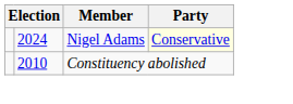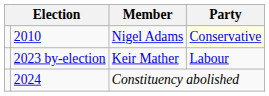 <table class="wikitable">
 <tr>
 <th colspan="2">Election</th>
 <th>Member</th>
 <th>Party</th>
 </tr>
 <tr>
 <td style="color:inherit;background-color: "></td>
-<td><a href='#'>2024</a></td>
+<td><a href='#'>2010</a></td>
 <td><a href='#'>Nigel Adams</a></td>
 <td style="background: lightyellow;"><a href='#'>Conservative</a></td>
 </tr>
 <tr>
+<td style="color:inherit;background-color: "></td>
+<td><a href='#'>2023 by-election</a></td>
+<td><a href='#'>Keir Mather</a></td>
+<td><a href='#'>Labour</a></td>
+</tr>
+<tr>
 <td></td>
-<td><a href='#'>2010</a></td>
+<td><a href='#'>2024</a></td>
 <td colspan="2"><em>Constituency abolished</em></td>
 </tr>
 </table>
